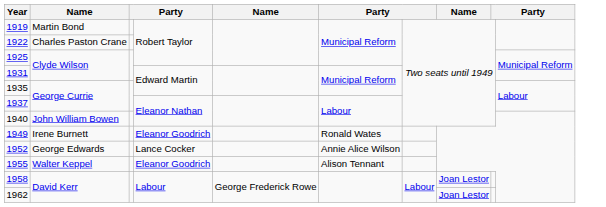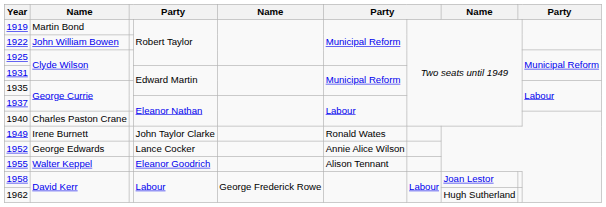 <table class="wikitable">
 <tr>
 <th>Year</th>
 <th>Name</th>
 <th colspan=2>Party</th>
 <th>Name</th>
 <th colspan=2>Party</th>
 <th>Name</th>
 <th colspan=2>Party</th>
 </tr>
 <tr>
 <td><a href='#'>1919</a></td>
 <td>Martin Bond</td>
 <td></td>
 <td rowspan=3>Robert Taylor</td>
 <td rowspan=3 style="background-color: "></td>
 <td rowspan=3><a href='#'>Municipal Reform</a></td>
 <td rowspan=7 colspan=3 align="center"><em>Two seats until 1949</em></td>
 </tr>
 <tr>
 <td><a href='#'>1922</a></td>
-<td>Charles Paston Crane</td>
+<td><a href='#'>John William Bowen</a></td>
 <td></td>
 </tr>
 <tr>
 <td><a href='#'>1925</a></td>
 <td rowspan=2><a href='#'>Clyde Wilson</a></td>
 <td rowspan=2 style="background-color: "></td>
 <td rowspan=2><a href='#'>Municipal Reform</a></td>
 </tr>
 <tr>
 <td><a href='#'>1931</a></td>
 <td rowspan=2>Edward Martin</td>
 <td rowspan=2 style="background-color: "></td>
 <td rowspan=2><a href='#'>Municipal Reform</a></td>
 </tr>
 <tr>
 <td>1935</td>
 <td rowspan=2><a href='#'>George Currie</a></td>
 <td rowspan=2 style="background-color: "></td>
 <td rowspan=2><a href='#'>Labour</a></td>
 </tr>
 <tr>
 <td><a href='#'>1937</a></td>
 <td rowspan=2><a href='#'>Eleanor Nathan</a></td>
 <td rowspan=2 style="background-color: "></td>
 <td rowspan=2><a href='#'>Labour</a></td>
 </tr>
 <tr>
 <td>1940</td>
-<td><a href='#'>John William Bowen</a></td>
+<td>Charles Paston Crane</td>
 <td></td>
 </tr>
 <tr>
 <td><a href='#'>1949</a></td>
 <td>Irene Burnett</td>
 <td></td>
-<td><a href='#'>Eleanor Goodrich</a></td>
+<td>John Taylor Clarke</td>
 <td></td>
 <td>Ronald Wates</td>
 <td></td>
 </tr>
 <tr>
 <td><a href='#'>1952</a></td>
 <td>George Edwards</td>
 <td></td>
 <td>Lance Cocker</td>
 <td></td>
 <td>Annie Alice Wilson</td>
 <td></td>
 </tr>
 <tr>
 <td><a href='#'>1955</a></td>
 <td><a href='#'>Walter Keppel</a></td>
 <td></td>
 <td><a href='#'>Eleanor Goodrich</a></td>
 <td></td>
 <td>Alison Tennant</td>
 <td></td>
 </tr>
 <tr>
 <td><a href='#'>1958</a></td>
 <td rowspan=2><a href='#'>David Kerr</a></td>
 <td rowspan=2 style="background-color: "></td>
 <td rowspan=2><a href='#'>Labour</a></td>
 <td rowspan=2>George Frederick Rowe</td>
 <td rowspan=2 style="background-color: "></td>
 <td rowspan=2><a href='#'>Labour</a></td>
 <td><a href='#'>Joan Lestor</a></td>
 <td></td>
 </tr>
 <tr>
 <td>1962</td>
-<td><a href='#'>Joan Lestor</a></td>
+<td>Hugh Sutherland</td>
 <td></td>
 </tr>
 </table>
